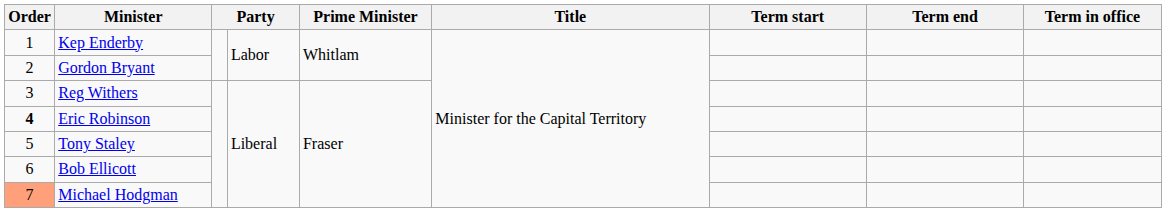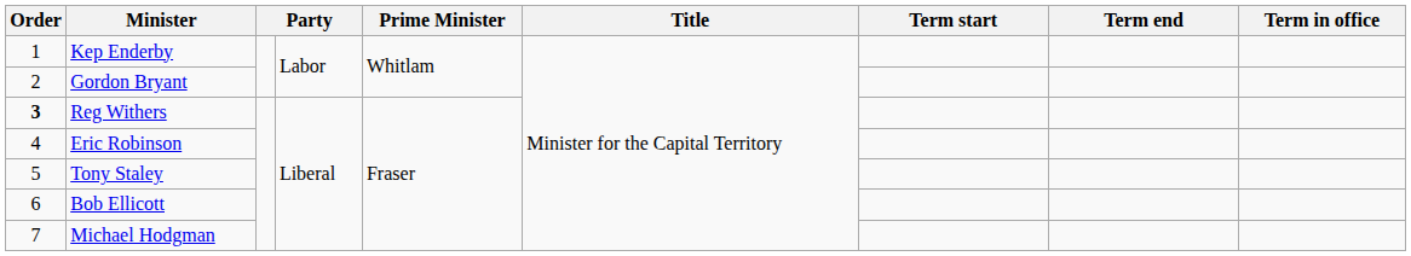 <table class="wikitable">
 <tr>
 <th width=5>Order</th>
 <th width=150>Minister</th>
 <th width=80 colspan=2>Party</th>
 <th width=125>Prime Minister</th>
 <th width=270>Title</th>
 <th width=150>Term start</th>
 <th width=150>Term end</th>
 <th width=130>Term in office</th>
 </tr>
 <tr>
 <td align=center>1</td>
 <td><a href='#'>Kep Enderby</a></td>
 <td rowspan=2 > </td>
 <td rowspan=2>Labor</td>
 <td rowspan=2>Whitlam</td>
 <td rowspan=7>Minister for the Capital Territory</td>
 <td align=center></td>
 <td align=center></td>
 <td align=right></td>
 </tr>
 <tr>
 <td align=center>2</td>
 <td><a href='#'>Gordon Bryant</a></td>
 <td align=center></td>
 <td align=center></td>
 <td align=right></td>
 </tr>
 <tr>
-<td align=center>3</td>
+<td align=center><strong>3</strong></td>
 <td><a href='#'>Reg Withers</a></td>
 <td rowspan=5 > </td>
 <td rowspan=5>Liberal</td>
 <td rowspan=5>Fraser</td>
 <td align=center></td>
 <td align=center></td>
 <td align=right></td>
 </tr>
 <tr>
-<td align=center><strong>4</strong></td>
+<td align=center>4</td>
 <td><a href='#'>Eric Robinson</a></td>
 <td align=center></td>
 <td align=center></td>
 <td align=right></td>
 </tr>
 <tr>
 <td align=center>5</td>
 <td><a href='#'>Tony Staley</a></td>
 <td align=center></td>
 <td align=center></td>
 <td align=right></td>
 </tr>
 <tr>
 <td align=center>6</td>
 <td><a href='#'>Bob Ellicott</a></td>
 <td align=center></td>
 <td align=center></td>
 <td align=right><strong></strong></td>
 </tr>
 <tr>
-<td align=center style="background: lightsalmon;">7</td>
+<td align=center>7</td>
 <td><a href='#'>Michael Hodgman</a></td>
 <td align=center></td>
 <td align=center></td>
 <td align=right></td>
 </tr>
 </table>
